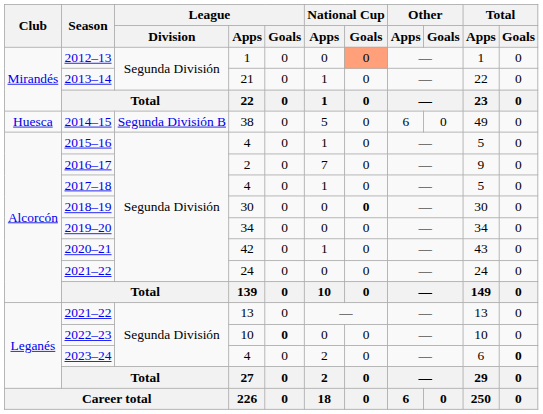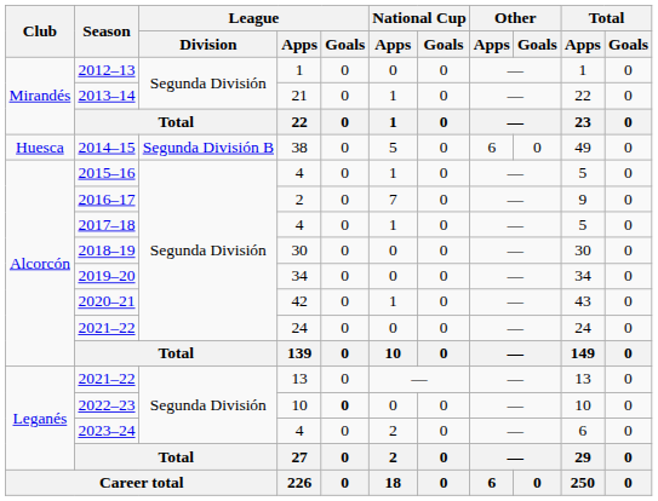 <table class="wikitable" style="text-align:center">
 <tr>
 <th rowspan="2">Club</th>
 <th rowspan="2">Season</th>
 <th colspan="3">League</th>
 <th colspan="2">National Cup</th>
 <th colspan="2">Other</th>
 <th colspan="2">Total</th>
 </tr>
 <tr>
 <th>Division</th>
 <th>Apps</th>
 <th>Goals</th>
 <th>Apps</th>
 <th>Goals</th>
 <th>Apps</th>
 <th>Goals</th>
 <th>Apps</th>
 <th>Goals</th>
 </tr>
 <tr>
 <td rowspan="3"><a href='#'>Mirandés</a></td>
 <td><a href='#'>2012–13</a></td>
 <td rowspan="2">Segunda División</td>
 <td>1</td>
 <td>0</td>
 <td>0</td>
-<td style="background: lightsalmon;">0</td>
+<td>0</td>
 <td colspan="2">—</td>
 <td>1</td>
 <td>0</td>
 </tr>
 <tr>
 <td><a href='#'>2013–14</a></td>
 <td>21</td>
 <td>0</td>
 <td>1</td>
 <td>0</td>
 <td colspan="2">—</td>
 <td>22</td>
 <td>0</td>
 </tr>
 <tr>
 <th colspan="2">Total</th>
 <th>22</th>
 <th>0</th>
 <th>1</th>
 <th>0</th>
 <th colspan="2">—</th>
 <th>23</th>
 <th>0</th>
 </tr>
 <tr>
 <td><a href='#'>Huesca</a></td>
 <td><a href='#'>2014–15</a></td>
 <td><a href='#'>Segunda División B</a></td>
 <td>38</td>
 <td>0</td>
 <td>5</td>
 <td>0</td>
 <td>6</td>
 <td>0</td>
 <td>49</td>
 <td>0</td>
 </tr>
 <tr>
 <td rowspan="8"><a href='#'>Alcorcón</a></td>
 <td><a href='#'>2015–16</a></td>
 <td rowspan="7">Segunda División</td>
 <td>4</td>
 <td>0</td>
 <td>1</td>
 <td>0</td>
 <td colspan="2">—</td>
 <td>5</td>
 <td>0</td>
 </tr>
 <tr>
 <td><a href='#'>2016–17</a></td>
 <td>2</td>
 <td>0</td>
 <td>7</td>
 <td>0</td>
 <td colspan="2">—</td>
 <td>9</td>
 <td>0</td>
 </tr>
 <tr>
 <td><a href='#'>2017–18</a></td>
 <td>4</td>
 <td>0</td>
 <td>1</td>
 <td>0</td>
 <td colspan="2">—</td>
 <td>5</td>
 <td>0</td>
 </tr>
 <tr>
 <td><a href='#'>2018–19</a></td>
 <td>30</td>
 <td>0</td>
 <td>0</td>
-<td><strong>0</strong></td>
+<td>0</td>
 <td colspan="2">—</td>
 <td>30</td>
 <td>0</td>
 </tr>
 <tr>
 <td><a href='#'>2019–20</a></td>
 <td>34</td>
 <td>0</td>
 <td>0</td>
 <td>0</td>
 <td colspan="2">—</td>
 <td>34</td>
 <td>0</td>
 </tr>
 <tr>
 <td><a href='#'>2020–21</a></td>
 <td>42</td>
 <td>0</td>
 <td>1</td>
 <td>0</td>
 <td colspan="2">—</td>
 <td>43</td>
 <td>0</td>
 </tr>
 <tr>
 <td><a href='#'>2021–22</a></td>
 <td>24</td>
 <td>0</td>
 <td>0</td>
 <td>0</td>
 <td colspan="2">—</td>
 <td>24</td>
 <td>0</td>
 </tr>
 <tr>
 <th colspan="2">Total</th>
 <th>139</th>
 <th>0</th>
 <th>10</th>
 <th>0</th>
 <th colspan="2">—</th>
 <th>149</th>
 <th>0</th>
 </tr>
 <tr>
 <td rowspan="4"><a href='#'>Leganés</a></td>
 <td><a href='#'>2021–22</a></td>
 <td rowspan="3">Segunda División</td>
 <td>13</td>
 <td>0</td>
 <td colspan="2">—</td>
 <td colspan="2">—</td>
 <td>13</td>
 <td>0</td>
 </tr>
 <tr>
 <td><a href='#'>2022–23</a></td>
 <td>10</td>
 <td><strong>0</strong></td>
 <td>0</td>
 <td>0</td>
 <td colspan="2">—</td>
 <td>10</td>
 <td>0</td>
 </tr>
 <tr>
 <td><a href='#'>2023–24</a></td>
 <td>4</td>
 <td>0</td>
 <td>2</td>
 <td>0</td>
 <td colspan="2">—</td>
 <td>6</td>
-<td><strong>0</strong></td>
+<td>0</td>
 </tr>
 <tr>
 <th colspan="2">Total</th>
 <th>27</th>
 <th>0</th>
 <th>2</th>
 <th>0</th>
 <th colspan="2">—</th>
 <th>29</th>
 <th>0</th>
 </tr>
 <tr>
 <th colspan="3">Career total</th>
 <th>226</th>
 <th>0</th>
 <th>18</th>
 <th>0</th>
 <th>6</th>
 <th>0</th>
 <th>250</th>
 <th>0</th>
 </tr>
 </table>
